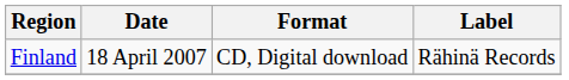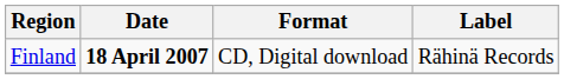 <table class=wikitable>
 <tr>
 <th>Region</th>
 <th>Date</th>
 <th>Format</th>
 <th>Label</th>
 </tr>
 <tr>
 <td><a href='#'>Finland</a></td>
-<td>18 April 2007</td>
+<td><strong>18 April 2007</strong></td>
 <td>CD, Digital download</td>
 <td>Rähinä Records</td>
 </tr>
 <tr>
 </tr>
 </table>
